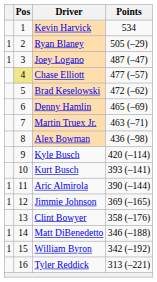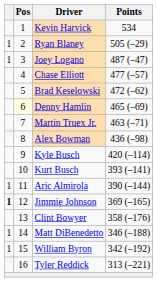 <table class="wikitable" style="font-size: 95%">
 <tr>
 <th></th>
 <th>Pos</th>
 <th>Driver</th>
 <th>Points</th>
 </tr>
 <tr>
 <td align="left"></td>
 <td style="text-align:center;">1</td>
 <td style="background:#FFDEAD;"><a href='#'>Kevin Harvick</a></td>
 <td style="text-align:center;">534</td>
 </tr>
 <tr>
 <td align="left"> 1</td>
 <td style="text-align:center;">2</td>
 <td style="background:#FFDEAD;"><a href='#'>Ryan Blaney</a></td>
 <td style="text-align:center;">505 (–29)</td>
 </tr>
 <tr>
 <td align="left"> 1</td>
 <td style="text-align:center;">3</td>
 <td style="background:#FFDEAD;"><a href='#'>Joey Logano</a></td>
 <td style="text-align:center;">487 (–47)</td>
 </tr>
 <tr>
 <td align="left"></td>
-<td style="background: khaki; text-align:center;">4</td>
+<td style="text-align:center;">4</td>
 <td style="background:#FFDEAD;"><a href='#'>Chase Elliott</a></td>
 <td style="text-align:center;">477 (–57)</td>
 </tr>
 <tr>
 <td align="left"></td>
 <td style="text-align:center;">5</td>
 <td style="background:#FFDEAD;"><a href='#'>Brad Keselowski</a></td>
 <td style="text-align:center;">472 (–62)</td>
 </tr>
 <tr>
 <td align="left"></td>
-<td style="text-align:center;">6</td>
+<td style="background: lightyellow; text-align:center;">6</td>
 <td style="background:#FFDEAD;"><a href='#'>Denny Hamlin</a></td>
 <td style="text-align:center;">465 (–69)</td>
 </tr>
 <tr>
 <td align="left"></td>
 <td style="text-align:center;">7</td>
 <td style="background:#FFDEAD;"><a href='#'>Martin Truex Jr.</a></td>
 <td style="text-align:center;">463 (–71)</td>
 </tr>
 <tr>
 <td align="left"></td>
 <td style="text-align:center;">8</td>
 <td style="background:#FFDEAD;"><a href='#'>Alex Bowman</a></td>
 <td style="text-align:center;">436 (–98)</td>
 </tr>
 <tr>
 <td align="left"></td>
 <td style="text-align:center;">9</td>
 <td><a href='#'>Kyle Busch</a></td>
 <td style="text-align:center;">420 (–114)</td>
 </tr>
 <tr>
 <td align="left"></td>
 <td style="text-align:center;">10</td>
 <td><a href='#'>Kurt Busch</a></td>
 <td style="text-align:center;">393 (–141)</td>
 </tr>
 <tr>
 <td align="left"> 1</td>
 <td style="text-align:center;">11</td>
 <td><a href='#'>Aric Almirola</a></td>
 <td style="text-align:center;">390 (–144)</td>
 </tr>
 <tr>
-<td align="left"> 1</td>
+<td align="left"><strong> 1</strong></td>
 <td style="text-align:center;">12</td>
 <td><a href='#'>Jimmie Johnson</a></td>
 <td style="text-align:center;">369 (–165)</td>
 </tr>
 <tr>
 <td align="left"></td>
 <td style="text-align:center;">13</td>
 <td><a href='#'>Clint Bowyer</a></td>
 <td style="text-align:center;">358 (–176)</td>
 </tr>
 <tr>
 <td align="left"> 1</td>
 <td style="text-align:center;">14</td>
 <td><a href='#'>Matt DiBenedetto</a></td>
 <td style="text-align:center;">346 (–188)</td>
 </tr>
 <tr>
 <td align="left"> 1</td>
 <td style="text-align:center;">15</td>
 <td><a href='#'>William Byron</a></td>
 <td style="text-align:center;">342 (–192)</td>
 </tr>
 <tr>
 <td align="left"></td>
 <td style="text-align:center;">16</td>
 <td><a href='#'>Tyler Reddick</a></td>
 <td style="text-align:center;">313 (–221)</td>
 </tr>
 <tr class="sortbottom">
 <th colspan="9"></th>
 </tr>
 </table>
